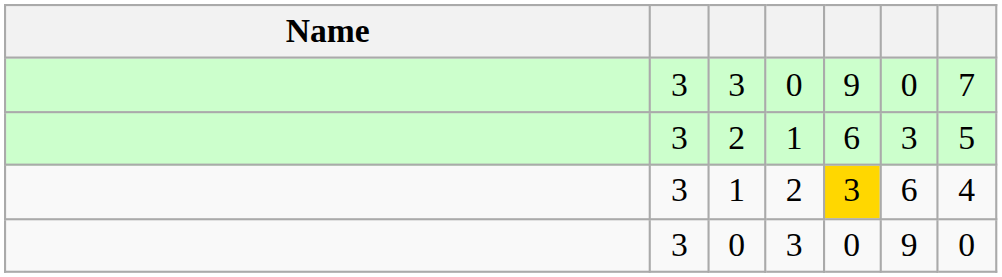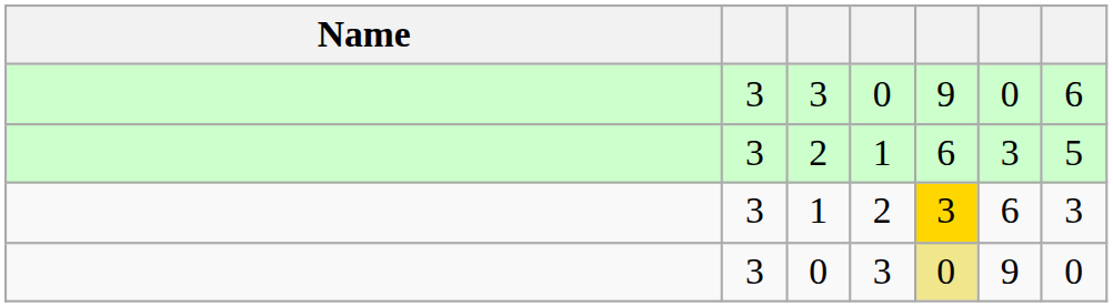 <table class=wikitable style="text-align:center">
 <tr>
 <th width=300>Name</th>
 <th width=20></th>
 <th width=20></th>
 <th width=20></th>
 <th width=20></th>
 <th width=20></th>
 <th width=20></th>
 </tr>
 <tr style="background-color:#ccffcc;">
 <td style="text-align:left;"></td>
 <td>3</td>
 <td>3</td>
 <td>0</td>
 <td>9</td>
 <td>0</td>
-<td>7</td>
+<td>6</td>
 </tr>
 <tr style="background-color:#ccffcc;">
 <td style="text-align:left;"></td>
 <td>3</td>
 <td>2</td>
 <td>1</td>
 <td>6</td>
 <td>3</td>
 <td>5</td>
 </tr>
 <tr>
 <td style="text-align:left;"></td>
 <td>3</td>
 <td>1</td>
 <td>2</td>
 <td style="background: gold;">3</td>
 <td>6</td>
-<td>4</td>
+<td>3</td>
 </tr>
 <tr>
 <td style="text-align:left;"></td>
 <td>3</td>
 <td>0</td>
 <td>3</td>
-<td>0</td>
+<td style="background: khaki;">0</td>
 <td>9</td>
 <td>0</td>
 </tr>
 </table>
